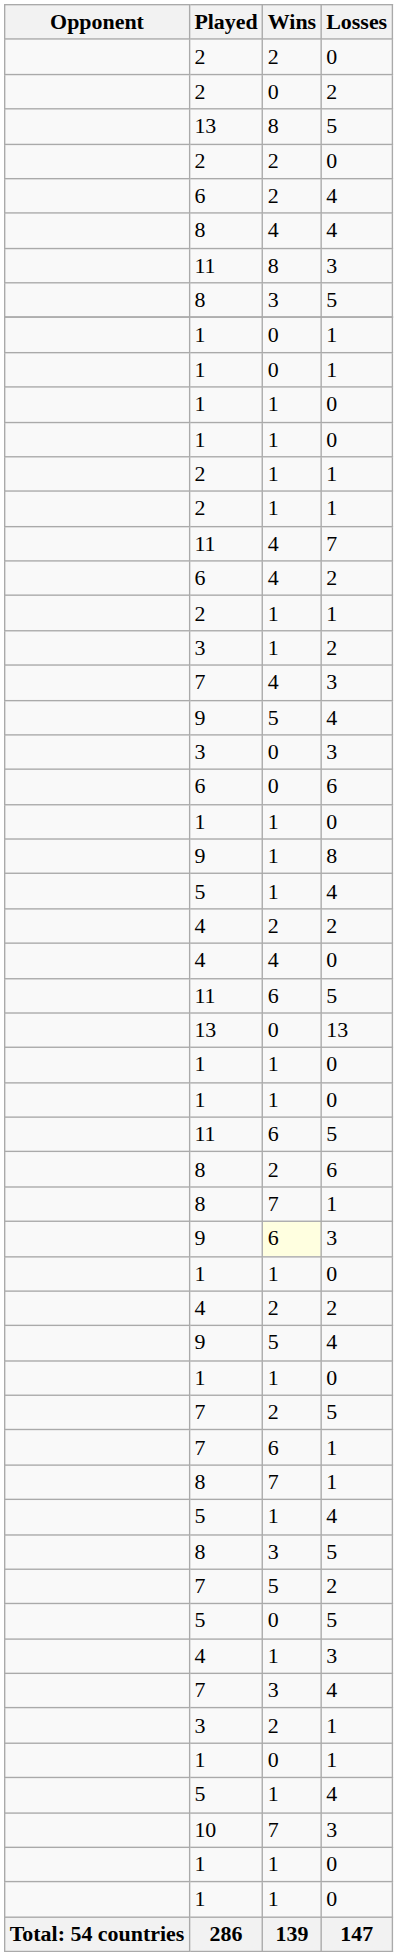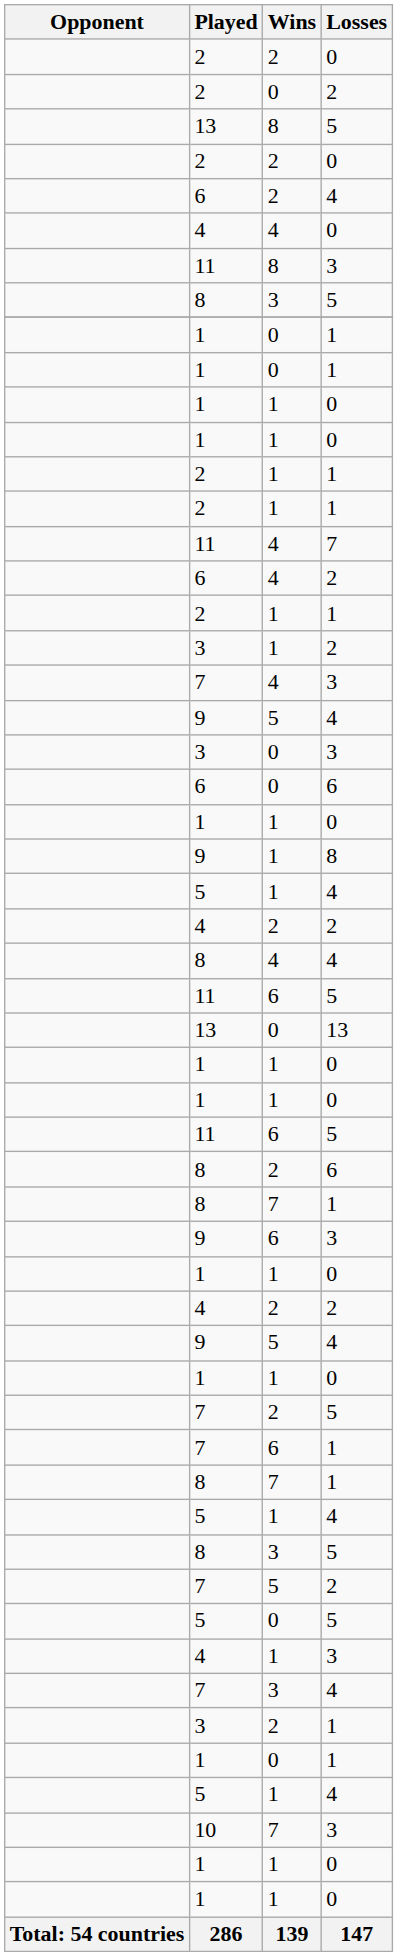 <table class="wikitable sortable" style="text-align:20%">
 <tr>
 <th>Opponent</th>
 <th>Played</th>
 <th>Wins</th>
 <th>Losses</th>
 </tr>
 <tr>
 <td style="text-align:left;"></td>
 <td>2</td>
 <td>2</td>
 <td>0</td>
 </tr>
 <tr>
 <td style="text-align:left;"></td>
 <td>2</td>
 <td>0</td>
 <td>2</td>
 </tr>
 <tr>
 <td style="text-align:left;"></td>
 <td>13</td>
 <td>8</td>
 <td>5</td>
 </tr>
 <tr>
 <td style="text-align:left;"></td>
 <td>2</td>
 <td>2</td>
 <td>0</td>
 </tr>
 <tr>
 <td style="text-align:left;"></td>
 <td>6</td>
 <td>2</td>
 <td>4</td>
 </tr>
 <tr>
 <td style="text-align:left;"></td>
-<td>8</td>
 <td>4</td>
 <td>4</td>
+<td>0</td>
 </tr>
 <tr>
 <td style="text-align:left;"></td>
 <td>11</td>
 <td>8</td>
 <td>3</td>
 </tr>
 <tr>
 <td style="text-align:left;"></td>
 <td>8</td>
 <td>3</td>
 <td>5</td>
 </tr>
 <tr>
 </tr>
 <tr>
 <td style="text-align:left;"></td>
 <td>1</td>
 <td>0</td>
 <td>1</td>
 </tr>
 <tr>
 <td style="text-align:left;"></td>
 <td>1</td>
 <td>0</td>
 <td>1</td>
 </tr>
 <tr>
 <td style="text-align:left;"></td>
 <td>1</td>
 <td>1</td>
 <td>0</td>
 </tr>
 <tr>
 <td style="text-align:left;"></td>
 <td>1</td>
 <td>1</td>
 <td>0</td>
 </tr>
 <tr>
 <td style="text-align:left;"></td>
 <td>2</td>
 <td>1</td>
 <td>1</td>
 </tr>
 <tr>
 <td style="text-align:left;"></td>
 <td>2</td>
 <td>1</td>
 <td>1</td>
 </tr>
 <tr>
 <td style="text-align:left;"></td>
 <td>11</td>
 <td>4</td>
 <td>7</td>
 </tr>
 <tr>
 <td style="text-align:left;"></td>
 <td>6</td>
 <td>4</td>
 <td>2</td>
 </tr>
 <tr>
 <td style="text-align:left;"></td>
 <td>2</td>
 <td>1</td>
 <td>1</td>
 </tr>
 <tr>
 <td style="text-align:left;"><em></em></td>
 <td>3</td>
 <td>1</td>
 <td>2</td>
 </tr>
 <tr>
 <td style="text-align:left;"></td>
 <td>7</td>
 <td>4</td>
 <td>3</td>
 </tr>
 <tr>
 <td style="text-align:left;"></td>
 <td>9</td>
 <td>5</td>
 <td>4</td>
 </tr>
 <tr>
 <td style="text-align:left;"></td>
 <td>3</td>
 <td>0</td>
 <td>3</td>
 </tr>
 <tr>
 <td style="text-align:left;"></td>
 <td>6</td>
 <td>0</td>
 <td>6</td>
 </tr>
 <tr>
 <td style="text-align:left;"></td>
 <td>1</td>
 <td>1</td>
 <td>0</td>
 </tr>
 <tr>
 <td style="text-align:left;"></td>
 <td>9</td>
 <td>1</td>
 <td>8</td>
 </tr>
 <tr>
 <td style="text-align:left;"></td>
 <td>5</td>
 <td>1</td>
 <td>4</td>
 </tr>
 <tr>
 <td style="text-align:left;"></td>
 <td>4</td>
 <td>2</td>
 <td>2</td>
 </tr>
 <tr>
 <td style="text-align:left;"></td>
+<td>8</td>
 <td>4</td>
 <td>4</td>
-<td>0</td>
 </tr>
 <tr>
 <td style="text-align:left;"></td>
 <td>11</td>
 <td>6</td>
 <td>5</td>
 </tr>
 <tr>
 <td style="text-align:left;"></td>
 <td>13</td>
 <td>0</td>
 <td>13</td>
 </tr>
 <tr>
 <td style="text-align:left;"></td>
 <td>1</td>
 <td>1</td>
 <td>0</td>
 </tr>
 <tr>
 <td style="text-align:left;"></td>
 <td>1</td>
 <td>1</td>
 <td>0</td>
 </tr>
 <tr>
 <td style="text-align:left;"></td>
 <td>11</td>
 <td>6</td>
 <td>5</td>
 </tr>
 <tr>
 <td style="text-align:left;"></td>
 <td>8</td>
 <td>2</td>
 <td>6</td>
 </tr>
 <tr>
 <td style="text-align:left;"></td>
 <td>8</td>
 <td>7</td>
 <td>1</td>
 </tr>
 <tr>
 <td style="text-align:left;"></td>
 <td>9</td>
-<td style="background: lightyellow;">6</td>
+<td>6</td>
 <td>3</td>
 </tr>
 <tr>
 <td style="text-align:left;"></td>
 <td>1</td>
 <td>1</td>
 <td>0</td>
 </tr>
 <tr>
 <td style="text-align:left;"></td>
 <td>4</td>
 <td>2</td>
 <td>2</td>
 </tr>
 <tr>
 <td style="text-align:left;"></td>
 <td>9</td>
 <td>5</td>
 <td>4</td>
 </tr>
 <tr>
 <td style="text-align:left;"></td>
 <td>1</td>
 <td>1</td>
 <td>0</td>
 </tr>
 <tr>
 <td style="text-align:left;"></td>
 <td>7</td>
 <td>2</td>
 <td>5</td>
 </tr>
 <tr>
 <td style="text-align:left;"></td>
 <td>7</td>
 <td>6</td>
 <td>1</td>
 </tr>
 <tr>
 <td style="text-align:left;"></td>
 <td>8</td>
 <td>7</td>
 <td>1</td>
 </tr>
 <tr>
 <td style="text-align:left;"></td>
 <td>5</td>
 <td>1</td>
 <td>4</td>
 </tr>
 <tr>
 <td style="text-align:left;"></td>
 <td>8</td>
 <td>3</td>
 <td>5</td>
 </tr>
 <tr>
 <td style="text-align:left;"></td>
 <td>7</td>
 <td>5</td>
 <td>2</td>
 </tr>
 <tr>
 <td style="text-align:left;"></td>
 <td>5</td>
 <td>0</td>
 <td>5</td>
 </tr>
 <tr>
 <td style="text-align:left;"></td>
 <td>4</td>
 <td>1</td>
 <td>3</td>
 </tr>
 <tr>
 <td style="text-align:left;"></td>
 <td>7</td>
 <td>3</td>
 <td>4</td>
 </tr>
 <tr>
 <td style="text-align:left;"></td>
 <td>3</td>
 <td>2</td>
 <td>1</td>
 </tr>
 <tr>
 <td style="text-align:left;"></td>
 <td>1</td>
 <td>0</td>
 <td>1</td>
 </tr>
 <tr>
 <td style="text-align:left;"></td>
 <td>5</td>
 <td>1</td>
 <td>4</td>
 </tr>
 <tr>
 <td style="text-align:left;"></td>
 <td>10</td>
 <td>7</td>
 <td>3</td>
 </tr>
 <tr>
 <td style="text-align:left;"><em></em></td>
 <td>1</td>
 <td>1</td>
 <td>0</td>
 </tr>
 <tr>
 <td style="text-align:left;"><em></em></td>
 <td>1</td>
 <td>1</td>
 <td>0</td>
 </tr>
 <tr class="sortbottom">
 <th scope="centre">Total: 54 countries</th>
 <th>286</th>
 <th>139</th>
 <th>147</th>
 </tr>
 </table>
